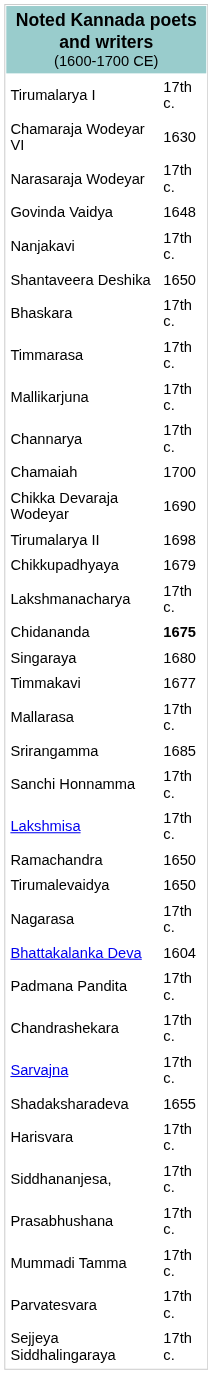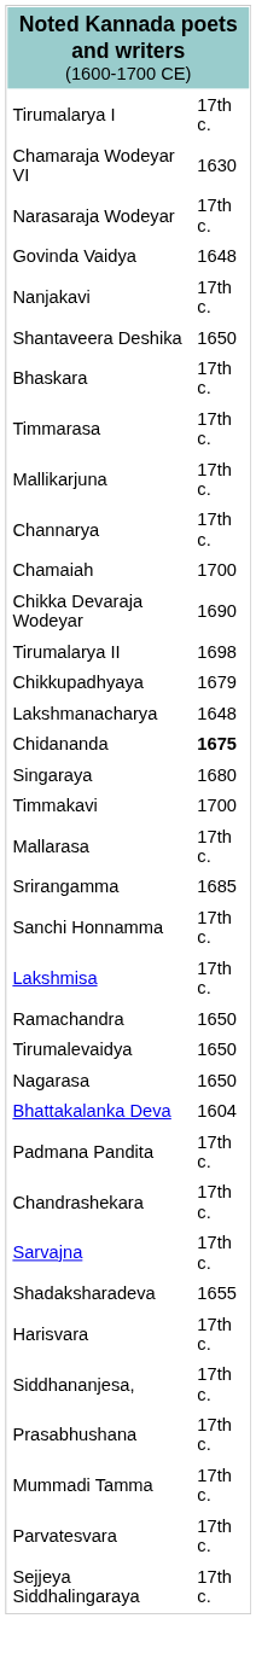 <table width="200" cellpadding="4" cellspacing="1" style="float: right; margin: 0 0 1em 1em; font-family: arial; font-size: 90%; background-color: ##F0F8FF; border: 1px solid #cccccc;">
 <tr>
 <td colspan="2" style="text-align:center;background-color:#99CCCC"><big><strong>Noted Kannada poets and writers</strong></big> <br>(1600-1700 CE)</td>
 </tr>
 <tr>
 <td>Tirumalarya I</td>
 <td>17th c.</td>
 </tr>
 <tr>
 <td>Chamaraja Wodeyar VI</td>
 <td>1630</td>
 </tr>
 <tr>
 <td>Narasaraja Wodeyar</td>
 <td>17th c.</td>
 </tr>
 <tr>
 <td>Govinda Vaidya</td>
 <td>1648</td>
 </tr>
 <tr>
 <td>Nanjakavi</td>
 <td>17th c.</td>
 </tr>
 <tr>
 <td>Shantaveera Deshika</td>
 <td>1650</td>
 </tr>
 <tr>
 <td>Bhaskara</td>
 <td>17th c.</td>
 </tr>
 <tr>
 <td>Timmarasa</td>
 <td>17th c.</td>
 </tr>
 <tr>
 <td>Mallikarjuna</td>
 <td>17th c.</td>
 </tr>
 <tr>
 <td>Channarya</td>
 <td>17th c.</td>
 </tr>
 <tr>
 <td>Chamaiah</td>
 <td>1700</td>
 </tr>
 <tr>
 <td>Chikka Devaraja Wodeyar</td>
 <td>1690</td>
 </tr>
 <tr>
 <td>Tirumalarya II</td>
 <td>1698</td>
 </tr>
 <tr>
 <td>Chikkupadhyaya</td>
 <td>1679</td>
 </tr>
 <tr>
 <td>Lakshmanacharya</td>
-<td>17th c.</td>
+<td>1648</td>
 </tr>
 <tr>
 <td>Chidananda</td>
 <td><strong>1675</strong></td>
 </tr>
 <tr>
 <td>Singaraya</td>
 <td>1680</td>
 </tr>
 <tr>
 <td>Timmakavi</td>
-<td>1677</td>
+<td>1700</td>
 </tr>
 <tr>
 <td>Mallarasa</td>
 <td>17th c.</td>
 </tr>
 <tr>
 <td>Srirangamma</td>
 <td>1685</td>
 </tr>
 <tr>
 <td>Sanchi Honnamma</td>
 <td>17th c.</td>
 </tr>
 <tr>
 <td><a href='#'>Lakshmisa</a></td>
 <td>17th c.</td>
 </tr>
 <tr>
 <td>Ramachandra</td>
 <td>1650</td>
 </tr>
 <tr>
 <td>Tirumalevaidya</td>
 <td>1650</td>
 </tr>
 <tr>
 <td>Nagarasa</td>
-<td>17th c.</td>
+<td>1650</td>
 </tr>
 <tr>
 <td><a href='#'>Bhattakalanka Deva</a></td>
 <td>1604</td>
 </tr>
 <tr>
 <td>Padmana Pandita</td>
 <td>17th c.</td>
 </tr>
 <tr>
 <td>Chandrashekara</td>
 <td>17th c.</td>
 </tr>
 <tr>
 <td><a href='#'>Sarvajna</a></td>
 <td>17th c.</td>
 </tr>
 <tr>
 <td>Shadaksharadeva</td>
 <td>1655</td>
 </tr>
 <tr>
 <td>Harisvara</td>
 <td>17th c.</td>
 </tr>
 <tr>
 <td>Siddhananjesa,</td>
 <td>17th c.</td>
 </tr>
 <tr>
 <td>Prasabhushana</td>
 <td>17th c.</td>
 </tr>
 <tr>
 <td>Mummadi Tamma</td>
 <td>17th c.</td>
 </tr>
 <tr>
 <td>Parvatesvara</td>
 <td>17th c.</td>
 </tr>
 <tr>
 <td>Sejjeya Siddhalingaraya</td>
 <td>17th c.</td>
 </tr>
 <tr>
 </tr>
 </table>
